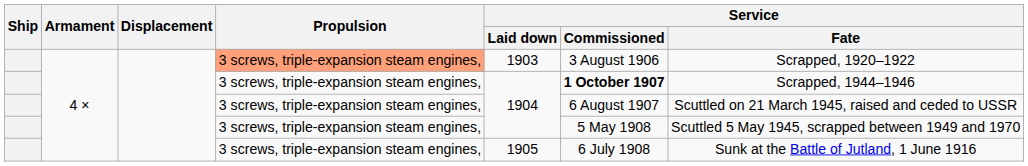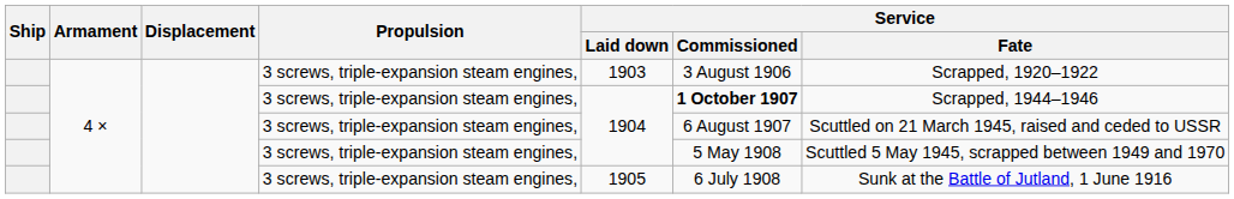 <table class="wikitable plainrowheaders" style="text-align: center;">
 <tr valign="center">
 <th scope="col" rowspan="2">Ship</th>
 <th scope="col" rowspan="2">Armament</th>
 <th scope="col" rowspan="2">Displacement</th>
 <th scope="col" rowspan="2">Propulsion</th>
 <th scope="col" colspan="3">Service</th>
 </tr>
 <tr valign="center">
 <th scope="col">Laid down</th>
 <th scope="col">Commissioned</th>
 <th scope="col">Fate</th>
 </tr>
 <tr valign="center">
 <th scope="row"></th>
 <td rowspan="5">4 × </td>
 <td rowspan="5"></td>
-<td style="background: lightsalmon;">3 screws, triple-expansion steam engines, </td>
+<td>3 screws, triple-expansion steam engines, </td>
 <td>1903</td>
 <td>3 August 1906</td>
 <td>Scrapped, 1920–1922</td>
 </tr>
 <tr valign="center">
 <th scope="row"></th>
 <td>3 screws, triple-expansion steam engines, </td>
 <td rowspan="3">1904</td>
 <td><strong>1 October 1907</strong></td>
 <td>Scrapped, 1944–1946</td>
 </tr>
 <tr valign="center">
 <th scope="row"></th>
 <td>3 screws, triple-expansion steam engines, </td>
 <td>6 August 1907</td>
 <td>Scuttled on 21 March 1945, raised and ceded to USSR</td>
 </tr>
 <tr valign="center">
 <th scope="row"></th>
 <td>3 screws, triple-expansion steam engines, </td>
 <td>5 May 1908</td>
 <td>Scuttled 5 May 1945, scrapped between 1949 and 1970</td>
 </tr>
 <tr valign="center">
 <th scope="row"></th>
 <td>3 screws, triple-expansion steam engines, </td>
 <td>1905</td>
 <td>6 July 1908</td>
 <td>Sunk at the <a href='#'>Battle of Jutland</a>, 1 June 1916</td>
 </tr>
 </table>
